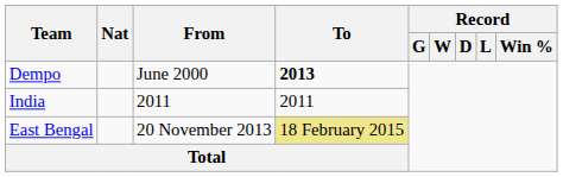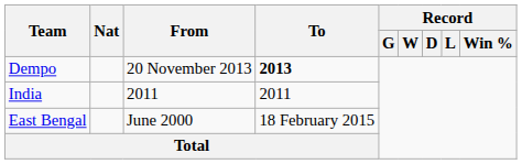 <table class="wikitable" style="text-align: center">
 <tr>
 <th rowspan="2">Team</th>
 <th rowspan="2">Nat</th>
 <th rowspan="2">From</th>
 <th rowspan="2">To</th>
 <th colspan="5">Record</th>
 </tr>
 <tr>
 <th>G</th>
 <th>W</th>
 <th>D</th>
 <th>L</th>
 <th>Win %</th>
 </tr>
 <tr>
 <td align=left><a href='#'>Dempo</a></td>
 <td align="left"></td>
-<td align=left>June 2000</td>
+<td align="left">20 November 2013</td>
 <td align=left><strong>2013<br></strong></td>
 </tr>
 <tr>
 <td align=left><a href='#'>India</a></td>
 <td align="left"></td>
 <td align=left>2011</td>
 <td align=left>2011<br></td>
 </tr>
 <tr>
 <td align=left><a href='#'>East Bengal</a></td>
 <td align="left"></td>
-<td align="left">20 November 2013</td>
-<td align="left" style="background: khaki;">18 February 2015<br></td>
+<td align=left>June 2000</td>
+<td align="left">18 February 2015<br></td>
 </tr>
 <tr>
 <th colspan="4">Total<br></th>
 </tr>
 </table>
